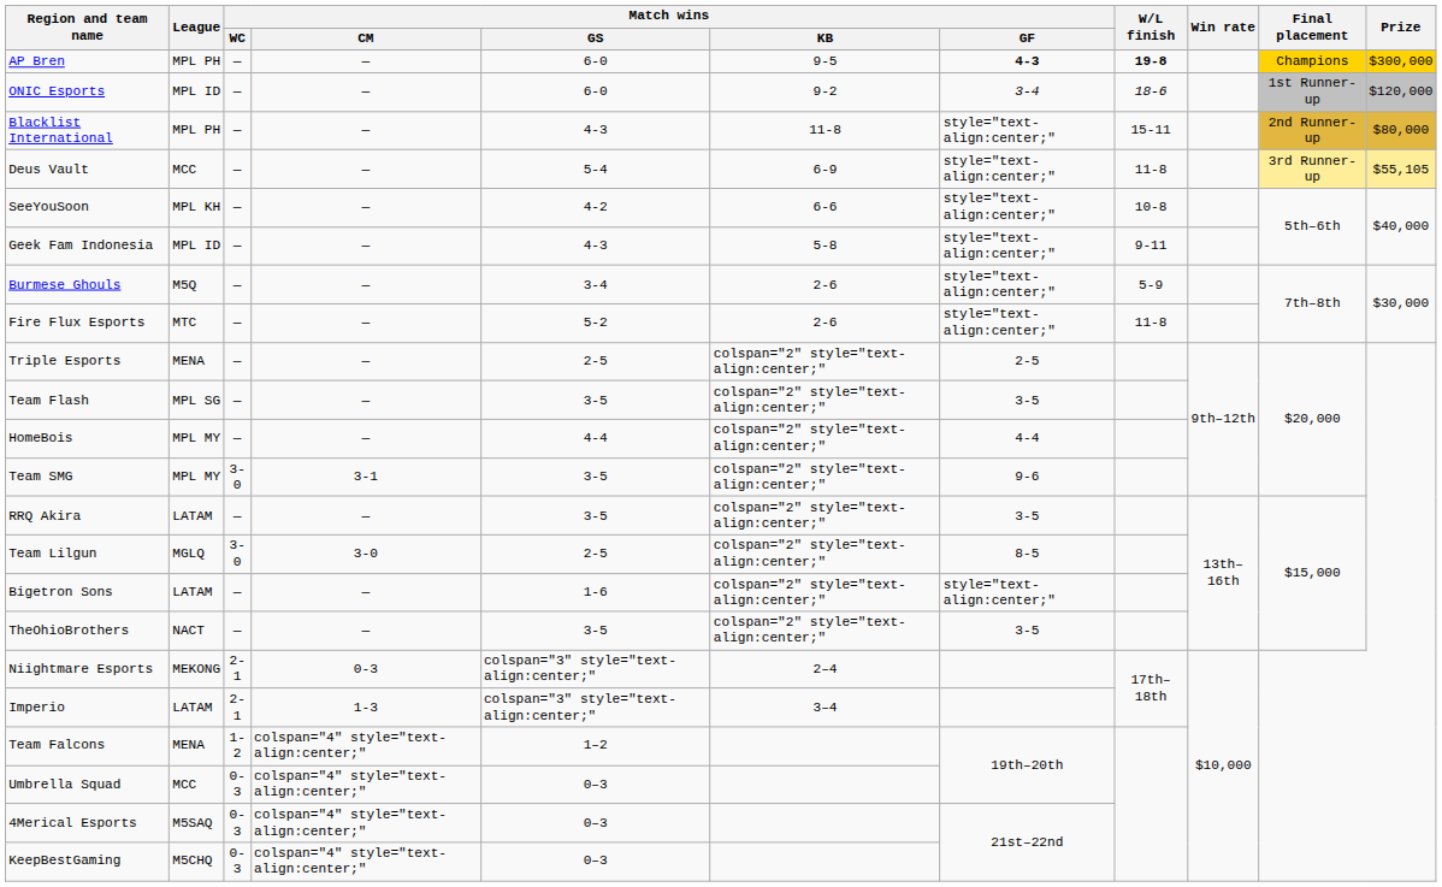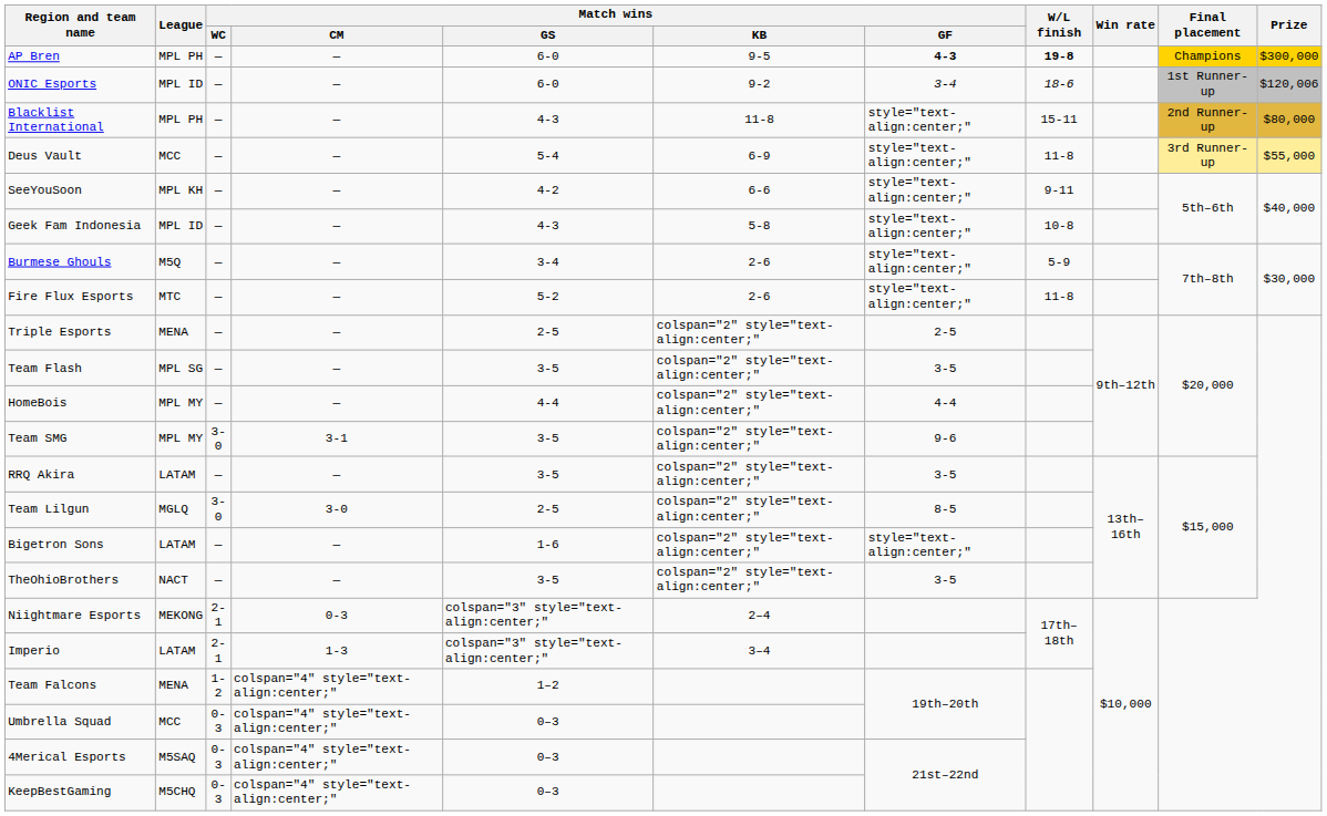 <table class="wikitable sortable" style="font-size:90%;">
 <tr>
 <th rowspan="2">Region and team name</th>
 <th rowspan="2">League</th>
 <th colspan="5">Match wins</th>
 <th rowspan="2">W/L finish</th>
 <th rowspan="2">Win rate</th>
 <th rowspan="2">Final placement</th>
 <th rowspan="2">Prize</th>
 </tr>
 <tr>
 <th>WC</th>
 <th>CM</th>
 <th>GS</th>
 <th>KB</th>
 <th>GF</th>
 </tr>
 <tr>
 <td> <a href='#'>AP Bren</a></td>
 <td>MPL PH</td>
 <td style="text-align:center;">—</td>
 <td style="text-align:center;">—</td>
 <td style="text-align:center;">6-0</td>
 <td style="text-align:center;">9-5</td>
 <td style="text-align:center;"><strong>4-3</strong></td>
 <td style="text-align:center;"><strong>19-8</strong></td>
 <td style="text-align:center;"><strong></strong></td>
 <td style="text-align:center;" bgcolor="#FFD302">Champions</td>
 <td style="text-align:center;" bgcolor="#FFD302">$300,000</td>
 </tr>
 <tr>
 <td> <a href='#'>ONIC Esports</a></td>
 <td>MPL ID</td>
 <td style="text-align:center;">—</td>
 <td style="text-align:center;">—</td>
 <td style="text-align:center;">6-0</td>
 <td style="text-align:center;">9-2</td>
 <td style="text-align:center;"><em>3-4</em></td>
 <td style="text-align:center;"><em>18-6</em></td>
 <td style="text-align:center;"><em></em></td>
 <td style="text-align:center;" bgcolor="#C0C0C0">1st Runner-up</td>
-<td style="text-align:center;" bgcolor="#C0C0C0">$120,000</td>
+<td style="text-align:center;" bgcolor="#C0C0C0">$120,006</td>
 </tr>
 <tr>
 <td> <a href='#'>Blacklist International</a></td>
 <td>MPL PH</td>
 <td style="text-align:center;">—</td>
 <td style="text-align:center;">—</td>
 <td style="text-align:center;">4-3</td>
 <td style="text-align:center;">11-8</td>
 <td>style="text-align:center;" </td>
 <td style="text-align:center;">15-11</td>
 <td style="text-align:center;"></td>
 <td style="text-align:center;" bgcolor="#E2B740">2nd Runner-up</td>
 <td style="text-align:center;" bgcolor="#E2B740">$80,000</td>
 </tr>
 <tr>
 <td> Deus Vault</td>
 <td>MCC</td>
 <td style="text-align:center;">—</td>
 <td style="text-align:center;">—</td>
 <td style="text-align:center;">5-4</td>
 <td style="text-align:center;">6-9</td>
 <td>style="text-align:center;" </td>
 <td style="text-align:center;">11-8</td>
 <td style="text-align:center;"></td>
 <td style="text-align:center;" bgcolor="#FFEE99">3rd Runner-up</td>
-<td style="text-align:center;" bgcolor="#FFEE99">$55,105</td>
+<td style="text-align:center;" bgcolor="#FFEE99">$55,000</td>
 </tr>
 <tr>
 <td> SeeYouSoon</td>
 <td>MPL KH</td>
 <td style="text-align:center;">—</td>
 <td style="text-align:center;">—</td>
 <td style="text-align:center;">4-2</td>
 <td style="text-align:center;">6-6</td>
 <td>style="text-align:center;" </td>
-<td style="text-align:center;">10-8</td>
+<td style="text-align:center;">9-11</td>
 <td style="text-align:center;"></td>
 <td style="text-align:center;" rowspan="2">5th–6th</td>
 <td style="text-align:center;" rowspan="2">$40,000</td>
 </tr>
 <tr>
 <td> Geek Fam Indonesia</td>
 <td>MPL ID</td>
 <td style="text-align:center;">—</td>
 <td style="text-align:center;">—</td>
 <td style="text-align:center;">4-3</td>
 <td style="text-align:center;">5-8</td>
 <td>style="text-align:center;" </td>
-<td style="text-align:center;">9-11</td>
+<td style="text-align:center;">10-8</td>
 <td style="text-align:center;"></td>
 </tr>
 <tr>
 <td> <a href='#'>Burmese Ghouls</a></td>
 <td>M5Q</td>
 <td style="text-align:center;">—</td>
 <td style="text-align:center;">—</td>
 <td style="text-align:center;">3-4</td>
 <td style="text-align:center;">2-6</td>
 <td>style="text-align:center;" </td>
 <td style="text-align:center;">5-9</td>
 <td style="text-align:center;"></td>
 <td rowspan="2" style="text-align:center;">7th–8th</td>
 <td rowspan="2" style="text-align:center;">$30,000</td>
 </tr>
 <tr>
 <td> Fire Flux Esports</td>
 <td>MTC</td>
 <td style="text-align:center;">—</td>
 <td style="text-align:center;">—</td>
 <td style="text-align:center;">5-2</td>
 <td style="text-align:center;">2-6</td>
 <td>style="text-align:center;" </td>
 <td style="text-align:center;">11-8</td>
 <td style="text-align:center;"></td>
 </tr>
 <tr>
 <td> Triple Esports</td>
 <td>MENA</td>
 <td style="text-align:center;">—</td>
 <td style="text-align:center;">—</td>
 <td style="text-align:center;">2-5</td>
 <td>colspan="2" style="text-align:center;" </td>
 <td style="text-align:center;">2-5</td>
 <td style="text-align:center;"></td>
 <td rowspan="4" style="text-align:center;">9th–12th</td>
 <td rowspan="4" style="text-align:center;">$20,000</td>
 </tr>
 <tr>
 <td> Team Flash</td>
 <td>MPL SG</td>
 <td style="text-align:center;">—</td>
 <td style="text-align:center;">—</td>
 <td style="text-align:center;">3-5</td>
 <td>colspan="2" style="text-align:center;" </td>
 <td style="text-align:center;">3-5</td>
 <td style="text-align:center;"></td>
 </tr>
 <tr>
 <td> HomeBois</td>
 <td>MPL MY</td>
 <td style="text-align:center;">—</td>
 <td style="text-align:center;">—</td>
 <td style="text-align:center;">4-4</td>
 <td>colspan="2" style="text-align:center;" </td>
 <td style="text-align:center;">4-4</td>
 <td style="text-align:center;"></td>
 </tr>
 <tr>
 <td> Team SMG</td>
 <td>MPL MY</td>
 <td style="text-align:center;">3-0</td>
 <td style="text-align:center;">3-1</td>
 <td style="text-align:center;">3-5</td>
 <td>colspan="2" style="text-align:center;" </td>
 <td style="text-align:center;">9-6</td>
 <td style="text-align:center;"></td>
 </tr>
 <tr>
 <td> RRQ Akira</td>
 <td>LATAM</td>
 <td style="text-align:center;">—</td>
 <td style="text-align:center;">—</td>
 <td style="text-align:center;">3-5</td>
 <td>colspan="2" style="text-align:center;" </td>
 <td style="text-align:center;">3-5</td>
 <td style="text-align:center;"></td>
 <td rowspan="4" style="text-align:center;">13th–16th</td>
 <td rowspan="4" style="text-align:center;">$15,000</td>
 </tr>
 <tr>
 <td> Team Lilgun</td>
 <td>MGLQ</td>
 <td style="text-align:center;">3-0</td>
 <td style="text-align:center;">3-0</td>
 <td style="text-align:center;">2-5</td>
 <td>colspan="2" style="text-align:center;" </td>
 <td style="text-align:center;">8-5</td>
 <td style="text-align:center;"></td>
 </tr>
 <tr>
 <td> Bigetron Sons</td>
 <td>LATAM</td>
 <td style="text-align:center;">—</td>
 <td style="text-align:center;">—</td>
 <td style="text-align:center;">1-6</td>
 <td>colspan="2" style="text-align:center;" </td>
 <td>style="text-align:center;" </td>
 <td style="text-align:center;"></td>
 </tr>
 <tr>
 <td> TheOhioBrothers</td>
 <td>NACT</td>
 <td style="text-align:center;">—</td>
 <td style="text-align:center;">—</td>
 <td style="text-align:center;">3-5</td>
 <td>colspan="2" style="text-align:center;" </td>
 <td style="text-align:center;">3-5</td>
 <td style="text-align:center;"></td>
 </tr>
 <tr>
 <td> Niightmare Esports</td>
 <td>MEKONG</td>
 <td style="text-align:center;">2-1</td>
 <td style="text-align:center;">0-3</td>
 <td>colspan="3" style="text-align:center;" </td>
 <td style="text-align:center;">2–4</td>
 <td style="text-align:center;"></td>
 <td rowspan="2" style="text-align:center;">17th–18th</td>
 <td style="text-align:center;" rowspan="6">$10,000</td>
 </tr>
 <tr>
 <td> Imperio</td>
 <td>LATAM</td>
 <td style="text-align:center;">2-1</td>
 <td style="text-align:center;">1-3</td>
 <td>colspan="3" style="text-align:center;" </td>
 <td style="text-align:center;">3–4</td>
 <td style="text-align:center;"></td>
 </tr>
 <tr>
 <td> Team Falcons</td>
 <td>MENA</td>
 <td style="text-align:center;">1-2</td>
 <td>colspan="4" style="text-align:center;" </td>
 <td style="text-align:center;">1–2</td>
 <td style="text-align:center;"></td>
 <td rowspan="2" style="text-align:center;">19th–20th</td>
 </tr>
 <tr>
 <td> Umbrella Squad</td>
 <td>MCC</td>
 <td style="text-align:center;">0-3</td>
 <td>colspan="4" style="text-align:center;" </td>
 <td style="text-align:center;">0–3</td>
 <td style="text-align:center;"></td>
 </tr>
 <tr>
 <td> 4Merical Esports</td>
 <td>M5SAQ</td>
 <td style="text-align:center;">0-3</td>
 <td>colspan="4" style="text-align:center;"  </td>
 <td style="text-align:center;">0–3</td>
 <td style="text-align:center;"></td>
 <td rowspan="2" style="text-align:center;">21st–22nd</td>
 </tr>
 <tr>
 <td> KeepBestGaming</td>
 <td>M5CHQ</td>
 <td style="text-align:center;">0-3</td>
 <td>colspan="4" style="text-align:center;" </td>
 <td style="text-align:center;">0–3</td>
 <td style="text-align:center;"></td>
 </tr>
 </table>
